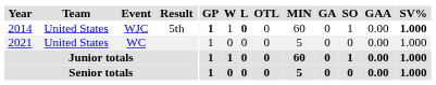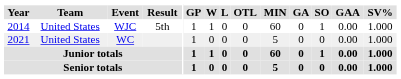 <table BORDER="0" CELLPADDING="1" CELLSPACING="0" width="45%">
 <tr bgcolor="#e0e0e0">
 <th colspan="4" bgcolor="#ffffff"></th>
 <th rowspan="99" bgcolor="#ffffff"></th>
 </tr>
 <tr bgcolor="#e0e0e0" ALIGN="center">
 <th>Year</th>
 <th>Team</th>
 <th>Event</th>
 <th>Result</th>
 <th>GP</th>
 <th>W</th>
 <th>L</th>
 <th>OTL</th>
 <th>MIN</th>
 <th>GA</th>
 <th>SO</th>
 <th>GAA</th>
 <th>SV%</th>
 </tr>
 <tr style="text-align:center;">
 <td><a href='#'>2014</a></td>
 <td><a href='#'>United States</a></td>
 <td><a href='#'>WJC</a></td>
 <td>5th</td>
-<td><strong>1</strong></td>
 <td>1</td>
-<td><strong>0</strong></td>
+<td>1</td>
+<td>0</td>
 <td>0</td>
 <td>60</td>
 <td>0</td>
 <td>1</td>
 <td>0.00</td>
-<td><strong>1.000</strong></td>
+<td>1.000</td>
 </tr>
 <tr style="text-align:center; background-color:#f0f0f0;">
 <td><a href='#'>2021</a></td>
 <td><a href='#'>United States</a></td>
 <td><a href='#'>WC</a></td>
 <td></td>
 <td>1</td>
 <td>0</td>
 <td>0</td>
 <td>0</td>
 <td>5</td>
 <td>0</td>
 <td>0</td>
 <td>0.00</td>
 <td>1.000</td>
 </tr>
 <tr bgcolor="#e0e0e0" ALIGN="center">
 <th colspan=4>Junior totals</th>
 <th>1</th>
 <th>1</th>
 <th>0</th>
 <th>0</th>
 <th>60</th>
 <th>0</th>
 <th>1</th>
 <th>0.00</th>
 <th>1.000</th>
 </tr>
 <tr bgcolor="#e0e0e0" ALIGN="center">
 <th colspan=4>Senior totals</th>
 <th>1</th>
 <th>0</th>
 <th>0</th>
 <th>0</th>
 <th>5</th>
 <th>0</th>
 <th>0</th>
 <th>0.00</th>
 <th>1.000</th>
 </tr>
 </table>
